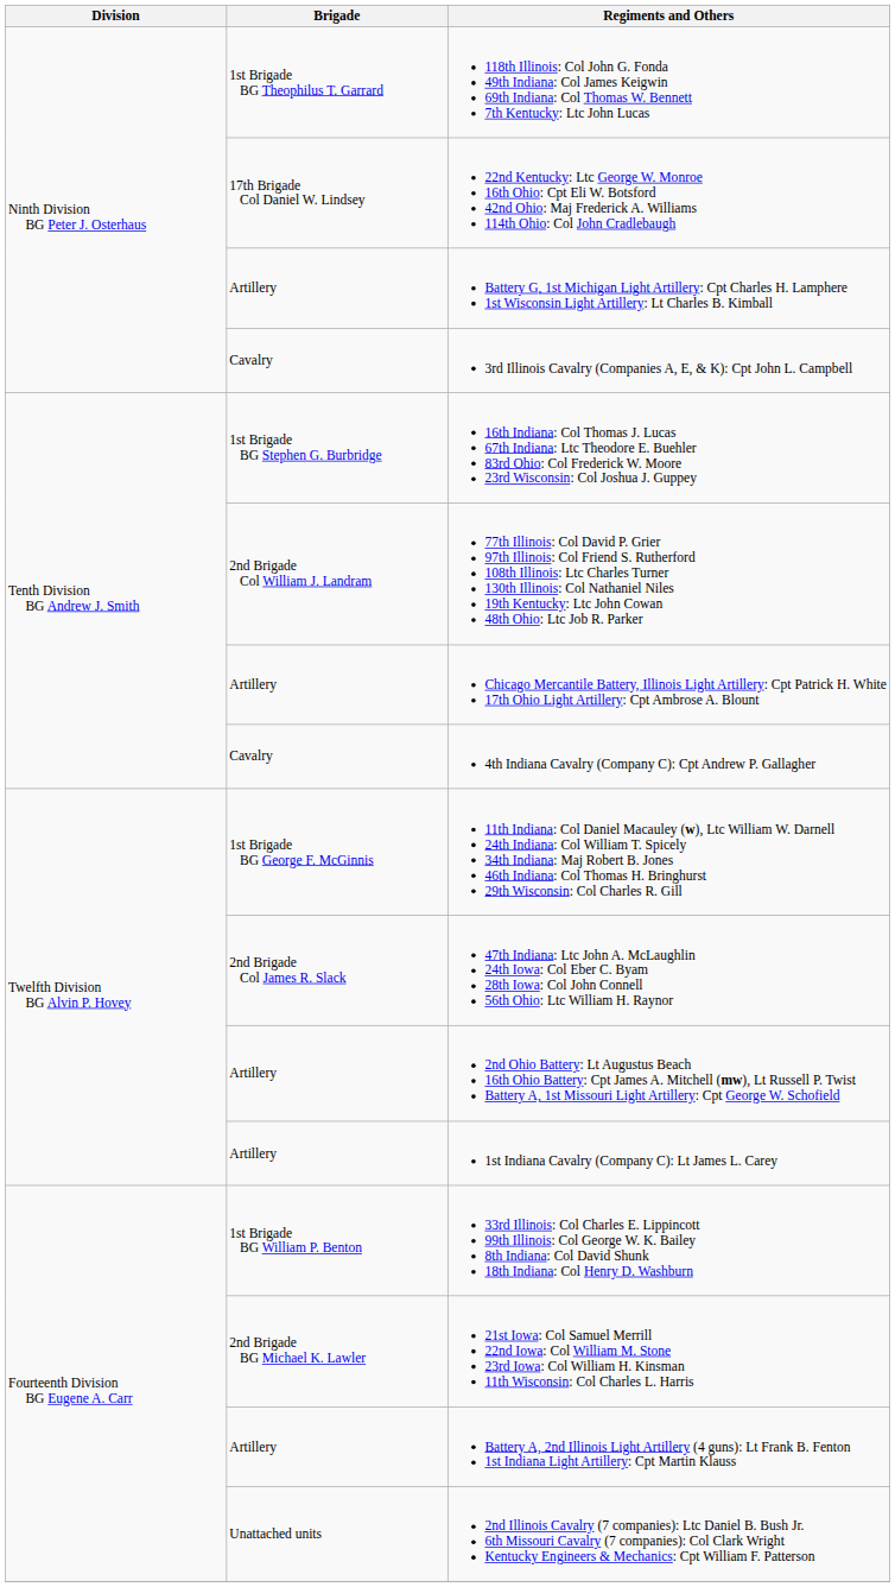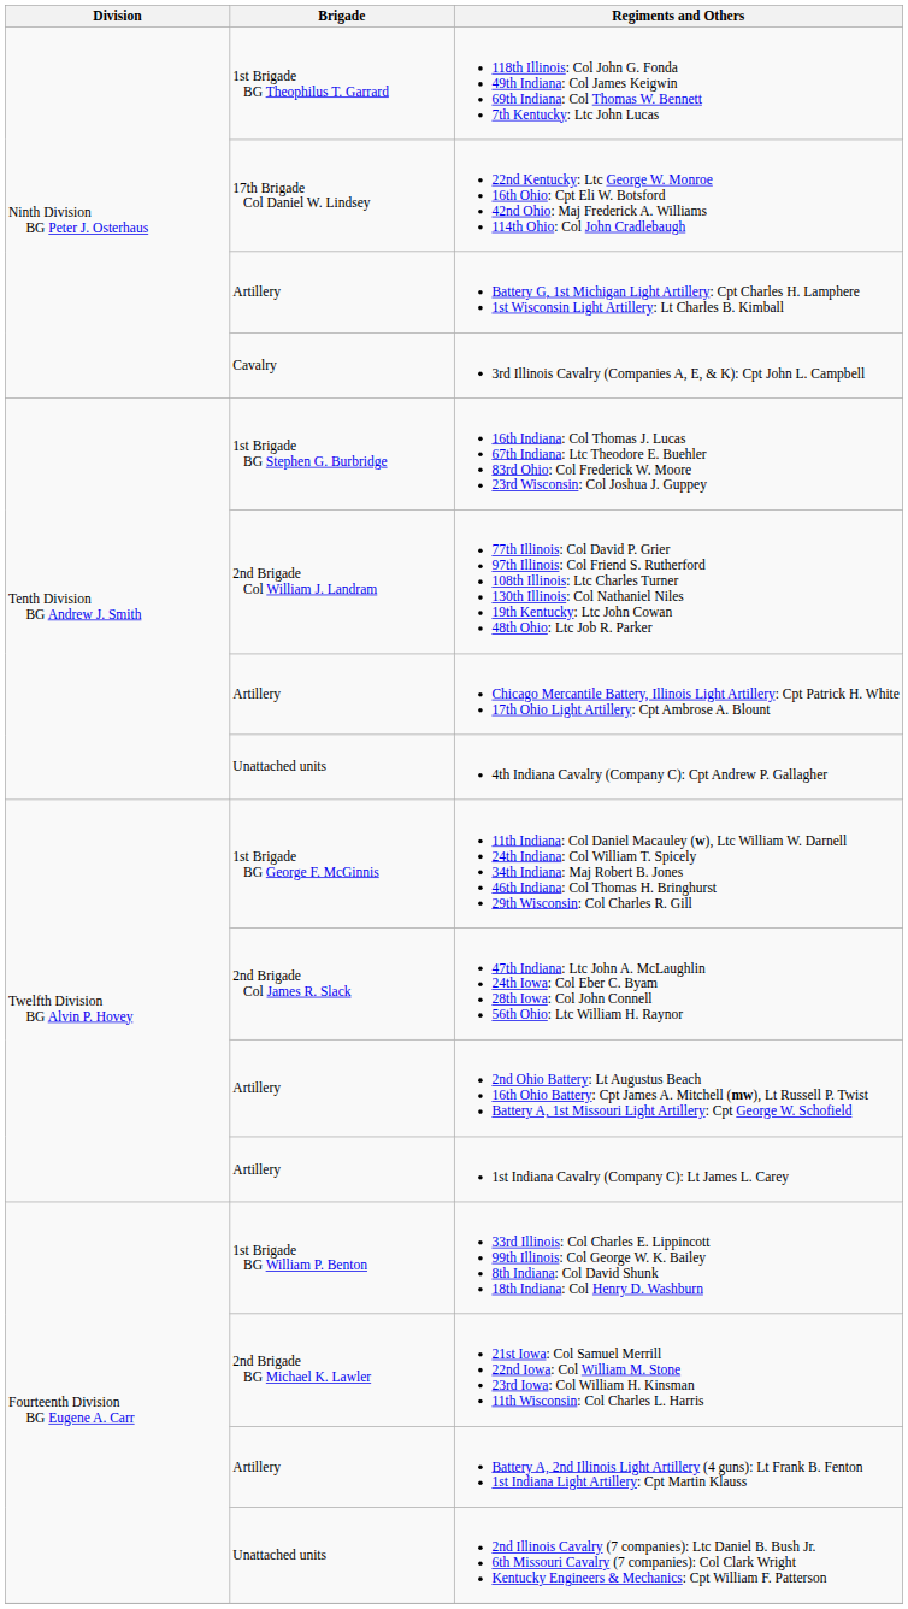 <table class="wikitable">
 <tr>
 <th width=25%>Division</th>
 <th width=25%>Brigade</th>
 <th>Regiments and Others</th>
 </tr>
 <tr>
 <td rowspan=4><br>Ninth Division <br>     BG <a href='#'>Peter J. Osterhaus</a><br></td>
 <td>1st Brigade<br>   BG <a href='#'>Theophilus T. Garrard</a></td>
 <td><br><ul><li><a href='#'>118th Illinois</a>: Col John G. Fonda</li><li><a href='#'>49th Indiana</a>: Col James Keigwin</li><li><a href='#'>69th Indiana</a>: Col <a href='#'>Thomas W. Bennett</a></li><li><a href='#'>7th Kentucky</a>: Ltc John Lucas</li></ul></td>
 </tr>
 <tr>
 <td>17th Brigade<br>   Col Daniel W. Lindsey</td>
 <td><br><ul><li><a href='#'>22nd Kentucky</a>: Ltc <a href='#'>George W. Monroe</a></li><li><a href='#'>16th Ohio</a>: Cpt Eli W. Botsford</li><li><a href='#'>42nd Ohio</a>: Maj Frederick A. Williams</li><li><a href='#'>114th Ohio</a>: Col <a href='#'>John Cradlebaugh</a></li></ul></td>
 </tr>
 <tr>
 <td>Artillery</td>
 <td><br><ul><li><a href='#'>Battery G, 1st Michigan Light Artillery</a>: Cpt Charles H. Lamphere</li><li><a href='#'>1st Wisconsin Light Artillery</a>: Lt Charles B. Kimball</li></ul></td>
 </tr>
 <tr>
 <td>Cavalry</td>
 <td><br><ul><li>3rd Illinois Cavalry (Companies A, E, & K): Cpt John L. Campbell</li></ul></td>
 </tr>
 <tr>
 <td rowspan=4><br>Tenth Division <br>     BG <a href='#'>Andrew J. Smith</a></td>
 <td>1st Brigade<br>   BG <a href='#'>Stephen G. Burbridge</a></td>
 <td><br><ul><li><a href='#'>16th Indiana</a>: Col Thomas J. Lucas</li><li><a href='#'>67th Indiana</a>: Ltc Theodore E. Buehler</li><li><a href='#'>83rd Ohio</a>: Col Frederick W. Moore</li><li><a href='#'>23rd Wisconsin</a>: Col Joshua J. Guppey</li></ul></td>
 </tr>
 <tr>
 <td>2nd Brigade<br>   Col <a href='#'>William J. Landram</a></td>
 <td><br><ul><li><a href='#'>77th Illinois</a>: Col David P. Grier</li><li><a href='#'>97th Illinois</a>: Col Friend S. Rutherford</li><li><a href='#'>108th Illinois</a>: Ltc Charles Turner</li><li><a href='#'>130th Illinois</a>: Col Nathaniel Niles</li><li><a href='#'>19th Kentucky</a>: Ltc John Cowan</li><li><a href='#'>48th Ohio</a>: Ltc Job R. Parker</li></ul></td>
 </tr>
 <tr>
 <td>Artillery</td>
 <td><br><ul><li><a href='#'>Chicago Mercantile Battery, Illinois Light Artillery</a>: Cpt Patrick H. White</li><li><a href='#'>17th Ohio Light Artillery</a>: Cpt Ambrose A. Blount</li></ul></td>
 </tr>
 <tr>
-<td>Cavalry</td>
+<td>Unattached units</td>
 <td><br><ul><li>4th Indiana Cavalry (Company C): Cpt Andrew P. Gallagher</li></ul></td>
 </tr>
 <tr>
 <td rowspan=4><br>Twelfth Division <br>     BG <a href='#'>Alvin P. Hovey</a></td>
 <td>1st Brigade<br>   BG <a href='#'>George F. McGinnis</a></td>
 <td><br><ul><li><a href='#'>11th Indiana</a>: Col Daniel Macauley (<strong>w</strong>), Ltc William W. Darnell</li><li><a href='#'>24th Indiana</a>: Col William T. Spicely</li><li><a href='#'>34th Indiana</a>: Maj Robert B. Jones</li><li><a href='#'>46th Indiana</a>: Col Thomas H. Bringhurst</li><li><a href='#'>29th Wisconsin</a>: Col Charles R. Gill</li></ul></td>
 </tr>
 <tr>
 <td>2nd Brigade<br>   Col <a href='#'>James R. Slack</a></td>
 <td><br><ul><li><a href='#'>47th Indiana</a>: Ltc John A. McLaughlin</li><li><a href='#'>24th Iowa</a>: Col Eber C. Byam</li><li><a href='#'>28th Iowa</a>: Col John Connell</li><li><a href='#'>56th Ohio</a>: Ltc William H. Raynor</li></ul></td>
 </tr>
 <tr>
 <td>Artillery</td>
 <td><br><ul><li><a href='#'>2nd Ohio Battery</a>: Lt Augustus Beach</li><li><a href='#'>16th Ohio Battery</a>: Cpt James A. Mitchell (<strong>mw</strong>), Lt Russell P. Twist</li><li><a href='#'>Battery A, 1st Missouri Light Artillery</a>: Cpt <a href='#'>George W. Schofield</a></li></ul></td>
 </tr>
 <tr>
 <td>Artillery</td>
 <td><br><ul><li>1st Indiana Cavalry (Company C): Lt James L. Carey</li></ul></td>
 </tr>
 <tr>
 <td rowspan=4><br>Fourteenth Division <br>     BG <a href='#'>Eugene A. Carr</a></td>
 <td>1st Brigade<br>   BG <a href='#'>William P. Benton</a></td>
 <td><br><ul><li><a href='#'>33rd Illinois</a>: Col Charles E. Lippincott</li><li><a href='#'>99th Illinois</a>: Col George W. K. Bailey</li><li><a href='#'>8th Indiana</a>: Col David Shunk</li><li><a href='#'>18th Indiana</a>: Col <a href='#'>Henry D. Washburn</a></li></ul></td>
 </tr>
 <tr>
 <td>2nd Brigade<br>   BG <a href='#'>Michael K. Lawler</a></td>
 <td><br><ul><li><a href='#'>21st Iowa</a>: Col Samuel Merrill</li><li><a href='#'>22nd Iowa</a>: Col <a href='#'>William M. Stone</a></li><li><a href='#'>23rd Iowa</a>: Col William H. Kinsman</li><li><a href='#'>11th Wisconsin</a>: Col Charles L. Harris</li></ul></td>
 </tr>
 <tr>
 <td>Artillery</td>
 <td><br><ul><li><a href='#'>Battery A, 2nd Illinois Light Artillery</a> (4 guns): Lt Frank B. Fenton</li><li><a href='#'>1st Indiana Light Artillery</a>: Cpt Martin Klauss</li></ul></td>
 </tr>
 <tr>
 <td>Unattached units</td>
 <td><br><ul><li><a href='#'>2nd Illinois Cavalry</a> (7 companies): Ltc Daniel B. Bush Jr.</li><li><a href='#'>6th Missouri Cavalry</a> (7 companies): Col Clark Wright</li><li><a href='#'>Kentucky Engineers & Mechanics</a>: Cpt William F. Patterson</li></ul></td>
 </tr>
 <tr>
 </tr>
 </table>
